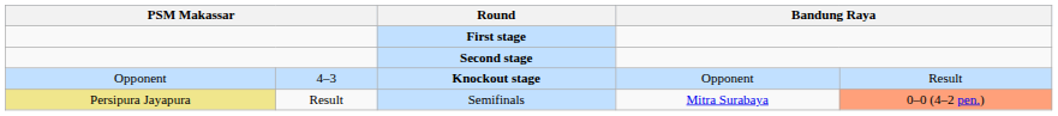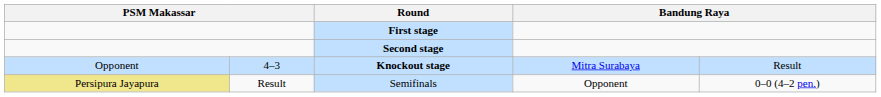 <table class="wikitable" width="100%" style="text-align:center">
 <tr valign=top bgcolor=#c1e0ff>
 <th colspan="2" style="width:1*">PSM Makassar</th>
 <th><strong>Round</strong></th>
 <th colspan="2" style="width:1*">Bandung Raya</th>
 </tr>
 <tr>
 <td colspan="2" align="center"><br> </td>
 <td bgcolor=#c1e0ff><strong>First stage</strong></td>
 <td colspan="2" align="center"><br></td>
 </tr>
 <tr>
 <td colspan="2" align="center"><br> </td>
 <td bgcolor=#c1e0ff><strong>Second stage</strong></td>
 <td colspan="2" align="center"><br> </td>
 </tr>
 <tr valign=top bgcolor=#c1e0ff>
 <td>Opponent</td>
 <td>4–3</td>
 <td bgcolor="#c1e0ff"><strong>Knockout stage</strong></td>
-<td>Opponent</td>
+<td><a href='#'>Mitra Surabaya</a></td>
 <td>Result</td>
 </tr>
 <tr>
 <td style="background: khaki;">Persipura Jayapura</td>
 <td>Result</td>
 <td bgcolor=#c1e0ff>Semifinals</td>
-<td><a href='#'>Mitra Surabaya</a></td>
-<td style="background: lightsalmon;">0–0 (4–2 <a href='#'>pen.</a>)</td>
+<td>Opponent</td>
+<td>0–0 (4–2 <a href='#'>pen.</a>)</td>
 </tr>
 </table>
